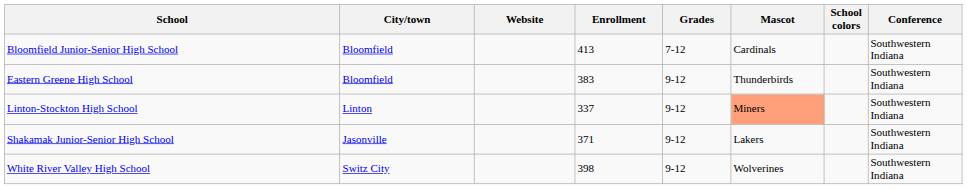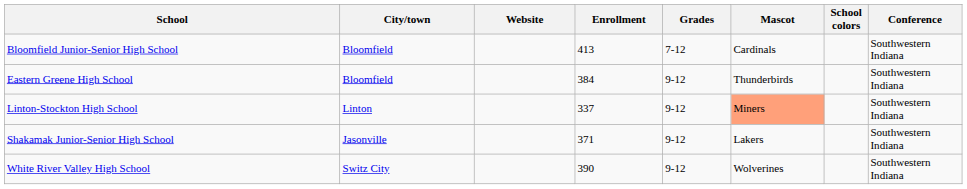 <table class="wikitable sortable" width="70%">
 <tr>
 <th width="20%">School</th>
 <th width="08%">City/town</th>
 <th width="06%">Website</th>
 <th width="04%">Enrollment</th>
 <th width="04%">Grades</th>
 <th width="04%">Mascot</th>
 <th width=01%>School colors</th>
 <th width="04%">Conference</th>
 </tr>
 <tr>
 <td><a href='#'>Bloomfield Junior-Senior High School</a></td>
 <td><a href='#'>Bloomfield</a></td>
 <td></td>
 <td>413</td>
 <td>7-12</td>
 <td>Cardinals</td>
 <td> </td>
 <td>Southwestern Indiana</td>
 </tr>
 <tr>
 <td><a href='#'>Eastern Greene High School</a></td>
 <td><a href='#'>Bloomfield</a></td>
 <td></td>
-<td>383</td>
+<td>384</td>
 <td>9-12</td>
 <td>Thunderbirds</td>
 <td>  </td>
 <td>Southwestern Indiana</td>
 </tr>
 <tr>
 <td><a href='#'>Linton-Stockton High School</a></td>
 <td><a href='#'>Linton</a></td>
 <td></td>
 <td>337</td>
 <td>9-12</td>
 <td style="background: lightsalmon;">Miners</td>
 <td>  </td>
 <td>Southwestern Indiana</td>
 </tr>
 <tr>
 <td><a href='#'>Shakamak Junior-Senior High School</a></td>
 <td><a href='#'>Jasonville</a></td>
 <td></td>
 <td>371</td>
 <td>9-12</td>
 <td>Lakers</td>
 <td> </td>
 <td>Southwestern Indiana</td>
 </tr>
 <tr>
 <td><a href='#'>White River Valley High School</a></td>
 <td><a href='#'>Switz City</a></td>
 <td></td>
-<td>398</td>
+<td>390</td>
 <td>9-12</td>
 <td>Wolverines</td>
 <td>  </td>
 <td>Southwestern Indiana</td>
 </tr>
 </table>
